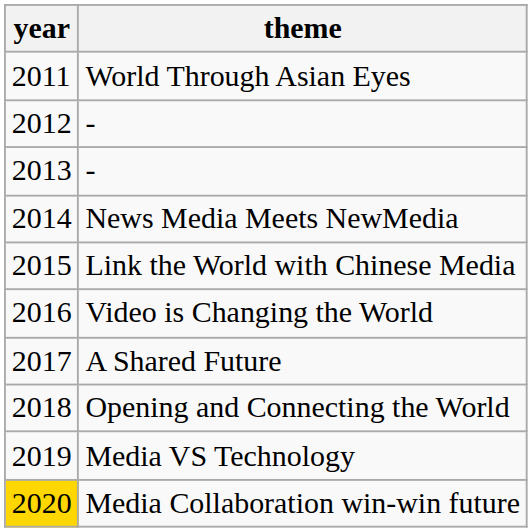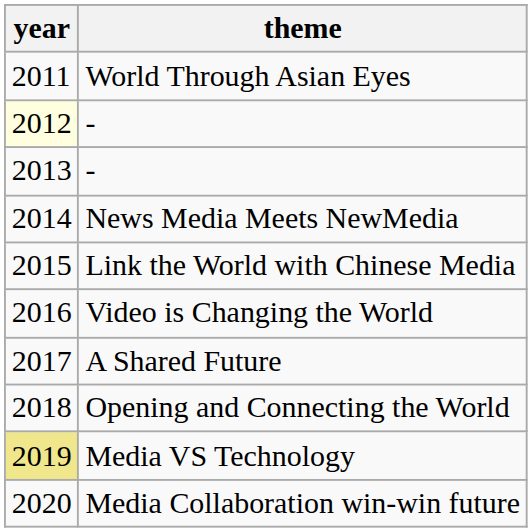 <table class="wikitable">
 <tr>
 <th>year</th>
 <th>theme</th>
 </tr>
 <tr>
 <td>2011</td>
 <td>World Through Asian Eyes</td>
 </tr>
 <tr>
-<td>2012</td>
+<td style="background: lightyellow;">2012</td>
 <td>-</td>
 </tr>
 <tr>
 <td>2013</td>
 <td>-</td>
 </tr>
 <tr>
 <td>2014</td>
 <td>News Media Meets NewMedia</td>
 </tr>
 <tr>
 <td>2015</td>
 <td>Link the World with Chinese Media</td>
 </tr>
 <tr>
 <td>2016</td>
 <td>Video is Changing the World</td>
 </tr>
 <tr>
 <td>2017</td>
 <td>A Shared Future</td>
 </tr>
 <tr>
 <td>2018</td>
 <td>Opening and Connecting the World</td>
 </tr>
 <tr>
-<td>2019</td>
+<td style="background: khaki;">2019</td>
 <td>Media VS Technology</td>
 </tr>
 <tr>
-<td style="background: gold;">2020</td>
+<td>2020</td>
 <td>Media Collaboration win-win future</td>
 </tr>
 </table>
